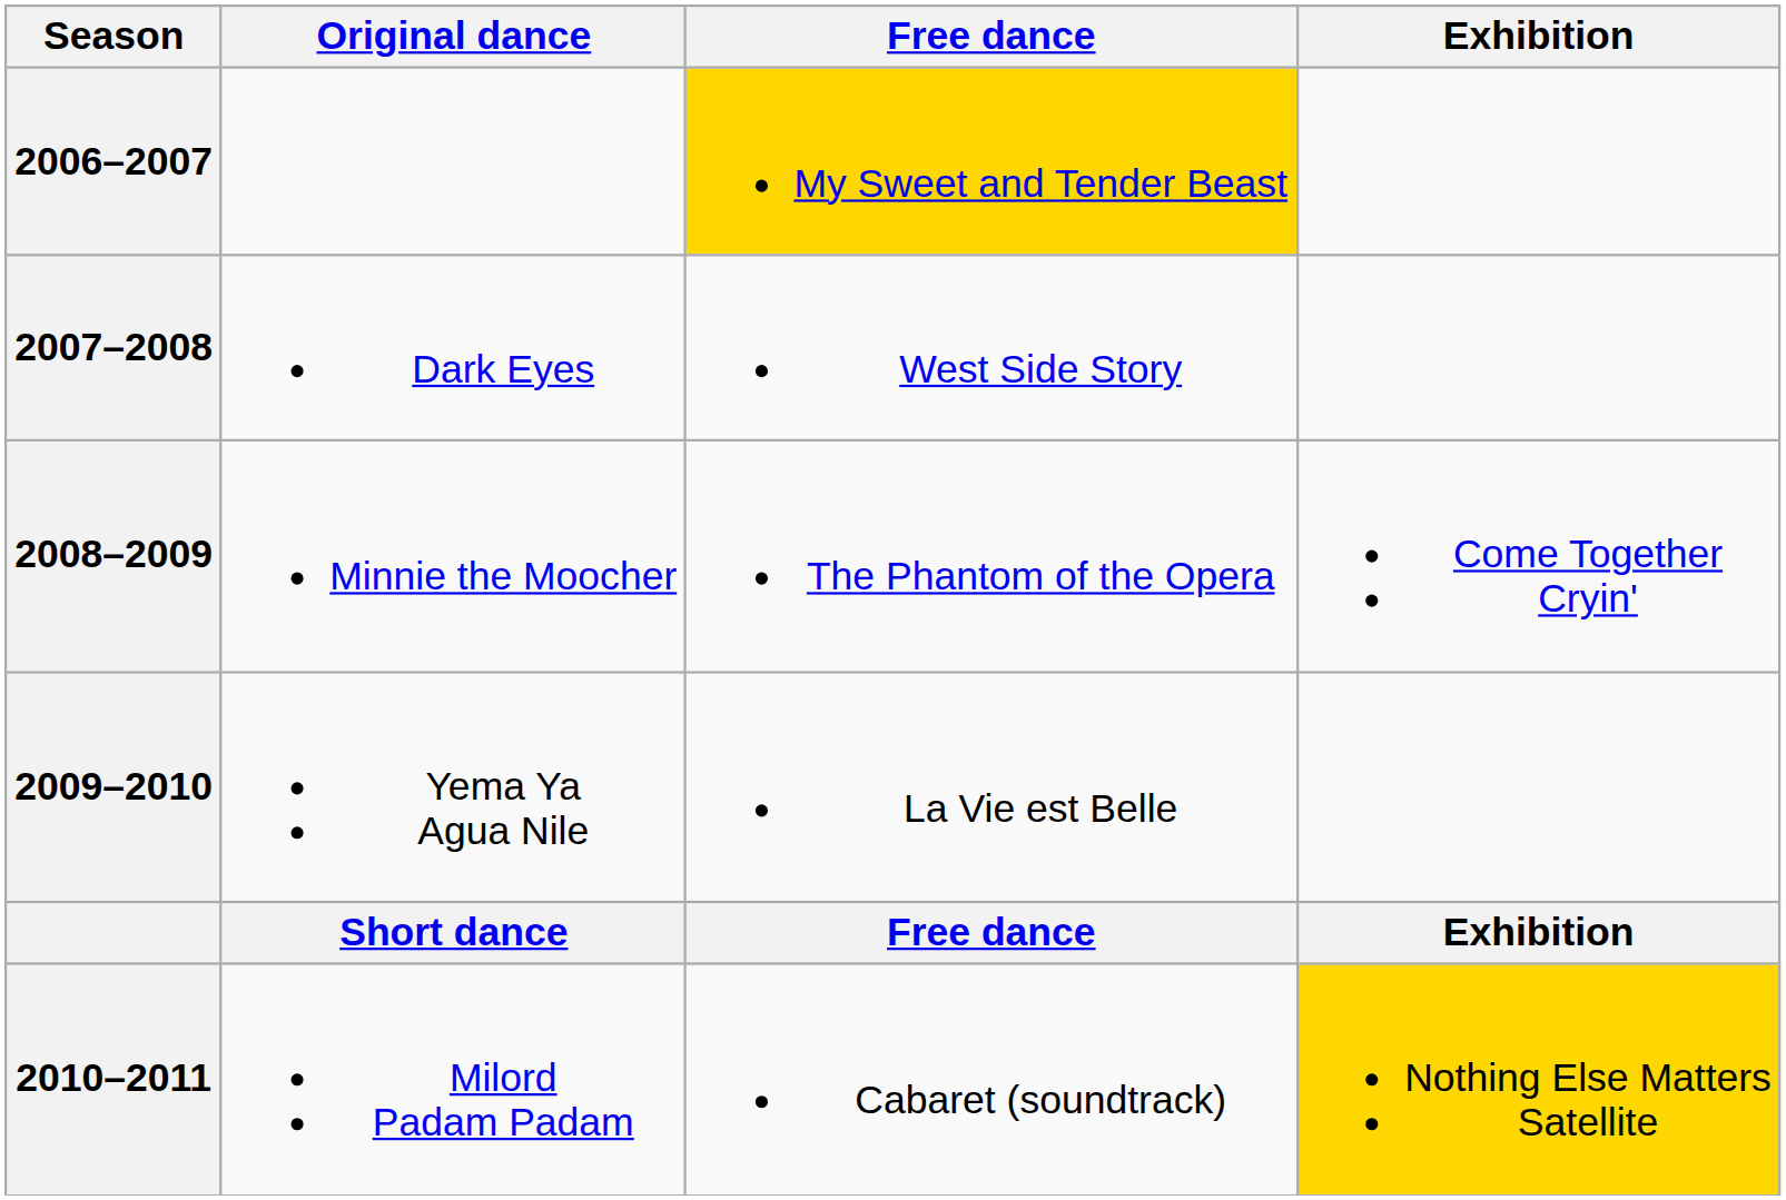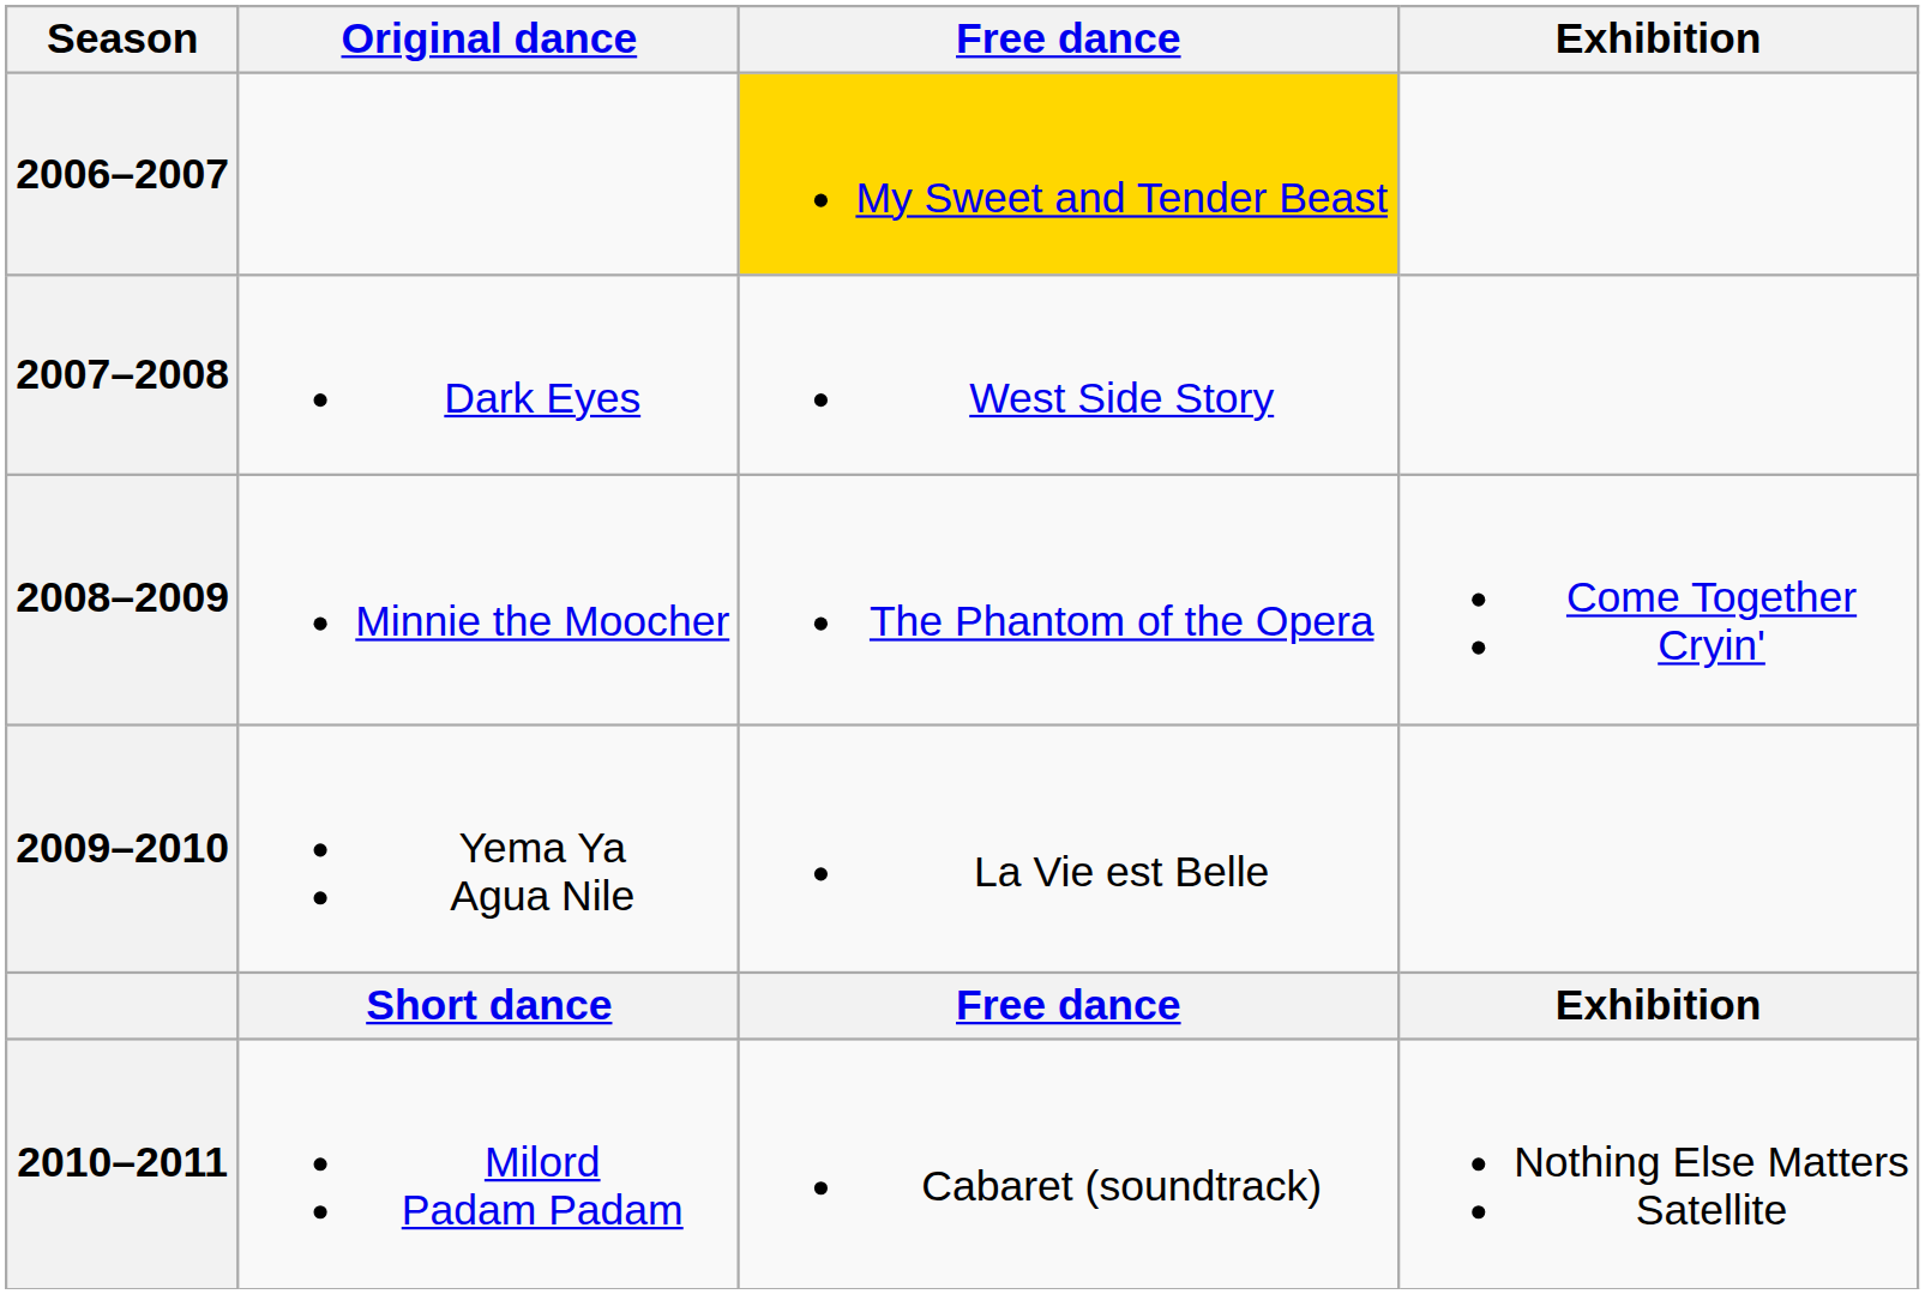 <table class="wikitable" style="text-align:center">
 <tr>
 <th>Season</th>
 <th><a href='#'>Original dance</a></th>
 <th><a href='#'>Free dance</a></th>
 <th>Exhibition</th>
 </tr>
 <tr>
 <th>2006–2007 <br> </th>
 <td></td>
 <td style="background: gold;"><br><ul><li><a href='#'>My Sweet and Tender Beast</a> <br></li></ul></td>
 <td></td>
 </tr>
 <tr>
 <th>2007–2008 <br> </th>
 <td><br><ul><li><a href='#'>Dark Eyes</a></li></ul></td>
 <td><br><ul><li><a href='#'>West Side Story</a> <br></li></ul></td>
 <td></td>
 </tr>
 <tr>
 <th>2008–2009 <br> </th>
 <td><br><ul><li><a href='#'>Minnie the Moocher</a> <br></li></ul></td>
 <td><br><ul><li><a href='#'>The Phantom of the Opera</a> <br></li></ul></td>
 <td><br><ul><li><a href='#'>Come Together</a></li><li><a href='#'>Cryin'</a> <br></li></ul></td>
 </tr>
 <tr>
 <th>2009–2010 <br> </th>
 <td><br><ul><li>Yema Ya</li><li>Agua Nile <br></li></ul></td>
 <td><br><ul><li>La Vie est Belle <br></li></ul></td>
 </tr>
 <tr>
 <th></th>
 <th><a href='#'>Short dance</a></th>
 <th><a href='#'>Free dance</a></th>
 <th>Exhibition</th>
 </tr>
 <tr>
 <th>2010–2011 <br> </th>
 <td><br><ul><li><a href='#'>Milord</a></li><li><a href='#'>Padam Padam</a> <br></li></ul></td>
 <td><br><ul><li>Cabaret (soundtrack)</li></ul></td>
-<td style="background: gold;"><br><ul><li>Nothing Else Matters <br></li><li>Satellite <br></li></ul></td>
+<td><br><ul><li>Nothing Else Matters <br></li><li>Satellite <br></li></ul></td>
 </tr>
 </table>
